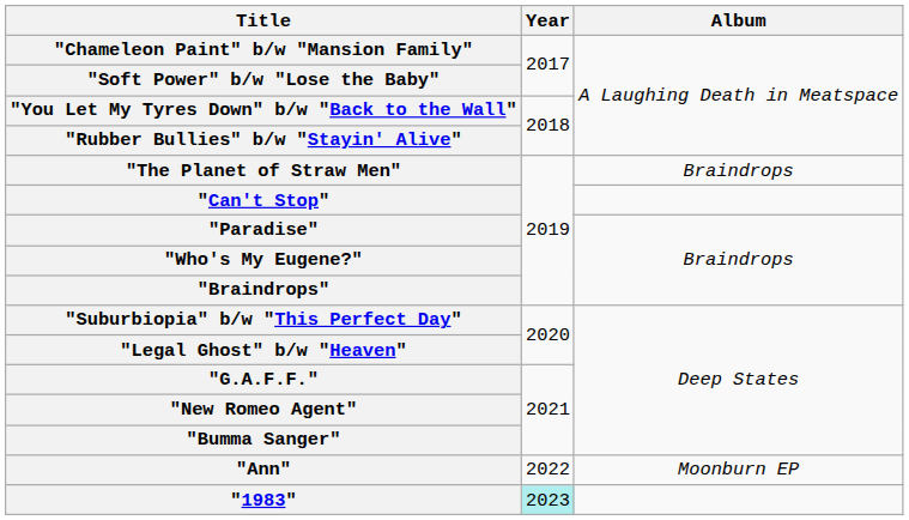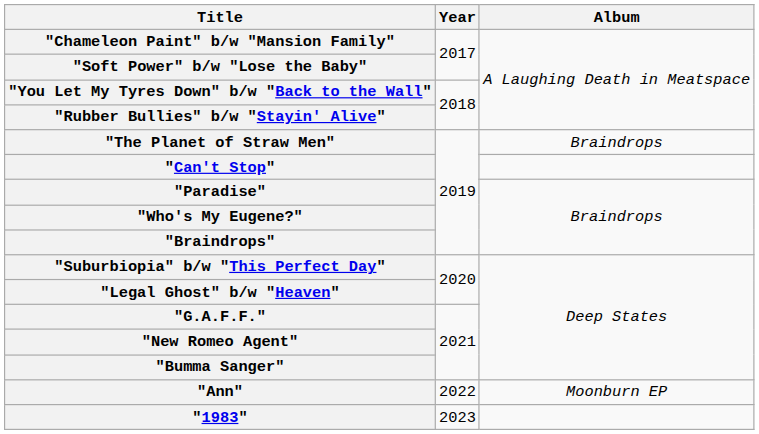 <table class="wikitable plainrowheaders" style="text-align:center;">
 <tr>
 <th>Title</th>
 <th>Year</th>
 <th>Album</th>
 </tr>
 <tr>
 <th scope="row">"Chameleon Paint" b/w "Mansion Family"</th>
 <td rowspan="2">2017</td>
 <td rowspan="4"><em>A Laughing Death in Meatspace</em></td>
 </tr>
 <tr>
 <th scope="row">"Soft Power" b/w "Lose the Baby"</th>
 </tr>
 <tr>
 <th scope="row">"You Let My Tyres Down" b/w "<a href='#'>Back to the Wall</a>"</th>
 <td rowspan="2">2018</td>
 </tr>
 <tr>
 <th scope="row">"Rubber Bullies" b/w "<a href='#'>Stayin' Alive</a>"</th>
 </tr>
 <tr>
 <th scope="row">"The Planet of Straw Men"</th>
 <td rowspan="5">2019</td>
 <td><em>Braindrops</em></td>
 </tr>
 <tr>
 <th scope="row">"<a href='#'>Can't Stop</a>"</th>
 <td></td>
 </tr>
 <tr>
 <th scope="row">"Paradise"</th>
 <td rowspan="3"><em>Braindrops</em></td>
 </tr>
 <tr>
 <th scope="row">"Who's My Eugene?"</th>
 </tr>
 <tr>
 <th scope="row">"Braindrops"</th>
 </tr>
 <tr>
 <th scope="row">"Suburbiopia" b/w "<a href='#'>This Perfect Day</a>"</th>
 <td rowspan="2">2020</td>
 <td rowspan="5"><em>Deep States</em></td>
 </tr>
 <tr>
 <th scope="row">"Legal Ghost" b/w "<a href='#'>Heaven</a>"</th>
 </tr>
 <tr>
 <th scope="row">"G.A.F.F."</th>
 <td rowspan="3">2021</td>
 </tr>
 <tr>
 <th scope="row">"New Romeo Agent"</th>
 </tr>
 <tr>
 <th scope="row">"Bumma Sanger"</th>
 </tr>
 <tr>
 <th scope="row">"Ann"</th>
 <td>2022</td>
 <td><em>Moonburn EP</em></td>
 </tr>
 <tr>
 <th scope="row">"<a href='#'>1983</a>"</th>
-<td style="background: paleturquoise;">2023</td>
+<td>2023</td>
 <td></td>
 </tr>
 </table>
